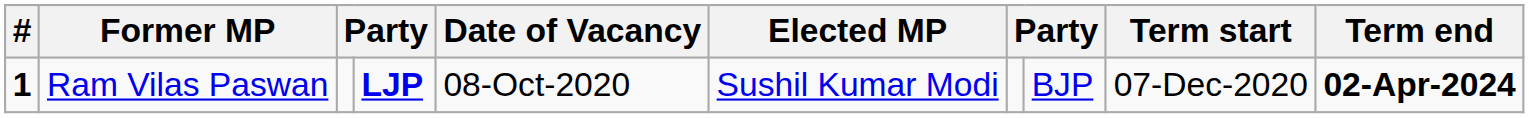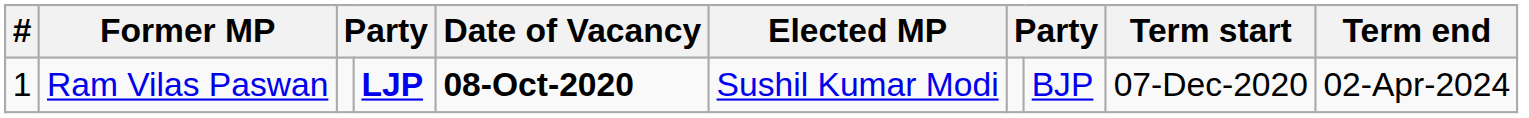 <table class="wikitable sortable">
 <tr>
 <th>#</th>
 <th>Former MP</th>
 <th colspan="2">Party</th>
 <th>Date of Vacancy</th>
 <th>Elected MP</th>
 <th colspan="2">Party</th>
 <th>Term start</th>
 <th>Term end</th>
 </tr>
 <tr>
-<td><strong>1</strong></td>
+<td>1</td>
 <td><a href='#'>Ram Vilas Paswan</a></td>
 <td rowspan="1" width="1"></td>
 <td><strong><a href='#'>LJP</a></strong></td>
-<td>08-Oct-2020</td>
+<td><strong>08-Oct-2020</strong></td>
 <td><a href='#'>Sushil Kumar Modi</a></td>
 <td rowspan="1" width="1"></td>
 <td><a href='#'>BJP</a></td>
 <td>07-Dec-2020</td>
-<td><strong>02-Apr-2024</strong></td>
+<td>02-Apr-2024</td>
 </tr>
 </table>
